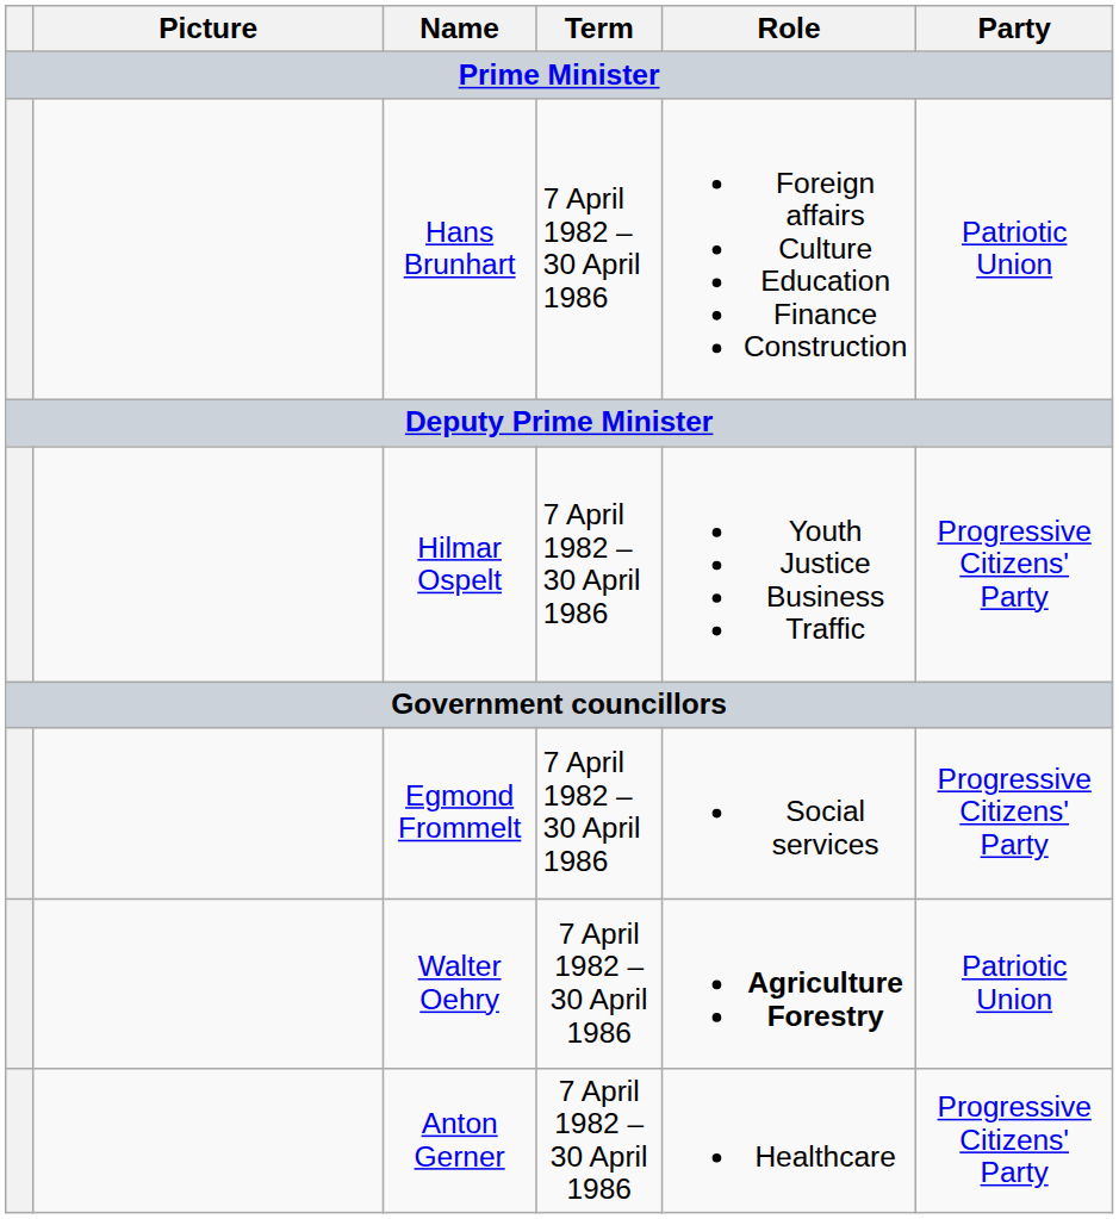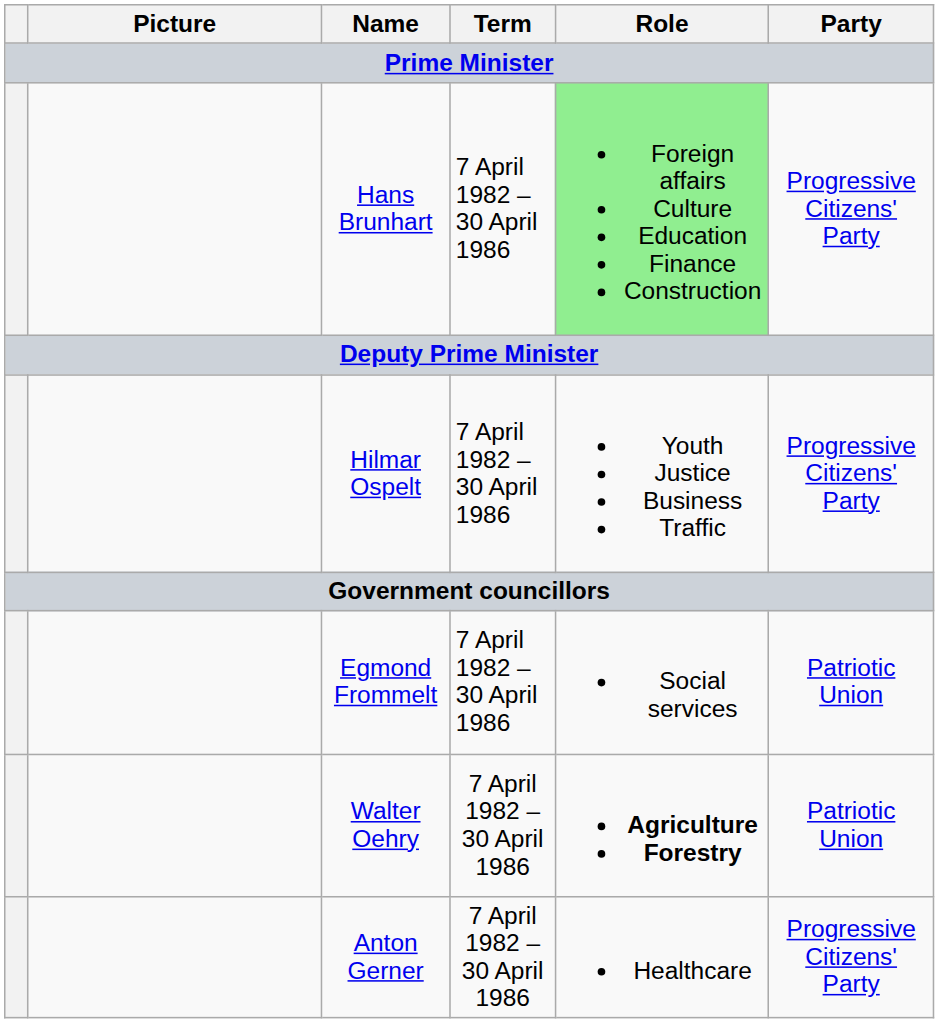 <table class="wikitable" style="text-align:center">
 <tr>
 <th style="width: 0.5em"></th>
 <th style="width: 11.5em">Picture</th>
 <th>Name</th>
 <th>Term</th>
 <th>Role</th>
 <th>Party</th>
 </tr>
 <tr>
 <th colspan="7" style="background:#CCD2D9"><a href='#'>Prime Minister</a></th>
 </tr>
 <tr>
 <th style="background:"></th>
 <td></td>
 <td><a href='#'>Hans Brunhart</a></td>
 <td style="text-align:left">7 April 1982 – 30 April 1986</td>
-<td><br><ul><li>Foreign affairs</li><li>Culture</li><li>Education</li><li>Finance</li><li>Construction</li></ul></td>
-<td><a href='#'>Patriotic Union</a></td>
+<td style="background: lightgreen;"><br><ul><li>Foreign affairs</li><li>Culture</li><li>Education</li><li>Finance</li><li>Construction</li></ul></td>
+<td><a href='#'>Progressive Citizens' Party</a></td>
 </tr>
 <tr>
 <th colspan="7" style="background:#CCD2D9"><a href='#'>Deputy Prime Minister</a></th>
 </tr>
 <tr>
 <th style="background:"></th>
 <td></td>
 <td><a href='#'>Hilmar Ospelt</a></td>
 <td style="text-align:left">7 April 1982 – 30 April 1986</td>
 <td><br><ul><li>Youth</li><li>Justice</li><li>Business</li><li>Traffic</li></ul></td>
 <td><a href='#'>Progressive Citizens' Party</a></td>
 </tr>
 <tr>
 <th colspan="7" style="background:#CCD2D9">Government councillors</th>
 </tr>
 <tr>
 <th style="background:"></th>
 <td></td>
 <td><a href='#'>Egmond Frommelt</a></td>
 <td style="text-align:left">7 April 1982 – 30 April 1986</td>
 <td><br><ul><li>Social services</li></ul></td>
-<td><a href='#'>Progressive Citizens' Party</a></td>
+<td><a href='#'>Patriotic Union</a></td>
 </tr>
 <tr>
 <th style="background:"></th>
 <td></td>
 <td><a href='#'>Walter Oehry</a></td>
 <td>7 April 1982 – 30 April 1986</td>
 <td><strong><br><ul><li>Agriculture</li><li>Forestry</li></ul></strong></td>
 <td><a href='#'>Patriotic Union</a></td>
 </tr>
 <tr>
 <th style="background:"></th>
 <td></td>
 <td><a href='#'>Anton Gerner</a></td>
 <td>7 April 1982 – 30 April 1986</td>
 <td><br><ul><li>Healthcare</li></ul></td>
 <td><a href='#'>Progressive Citizens' Party</a></td>
 </tr>
 </table>
